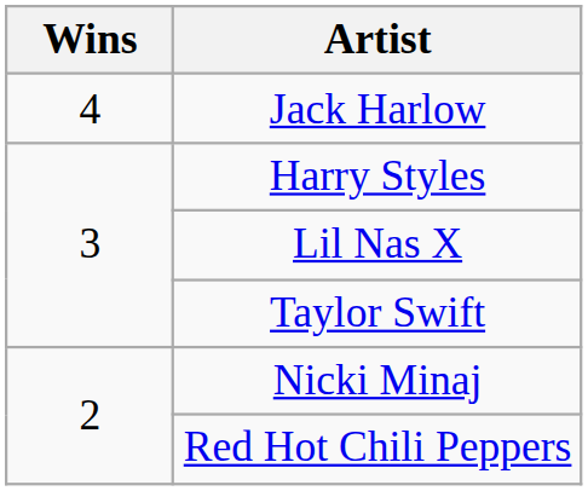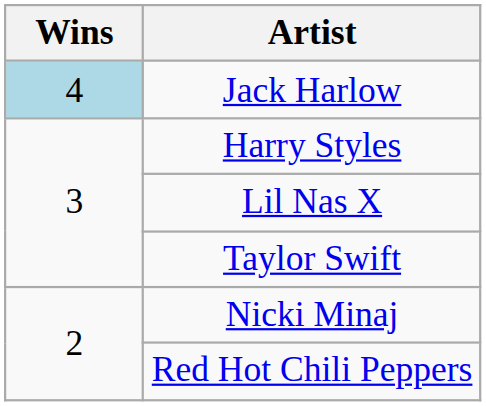 <table class="wikitable" rowspan="2" style="text-align:center">
 <tr>
 <th scope="col" style="width:55px;">Wins</th>
 <th scope="col" style="text-align:center;">Artist</th>
 </tr>
 <tr>
-<td style="text-align:center">4</td>
+<td style="background: lightblue; text-align:center">4</td>
 <td><a href='#'>Jack Harlow</a></td>
 </tr>
 <tr>
 <td rowspan="3" style="text-align:center">3</td>
 <td><a href='#'>Harry Styles</a></td>
 </tr>
 <tr>
 <td><a href='#'>Lil Nas X</a></td>
 </tr>
 <tr>
 <td><a href='#'>Taylor Swift</a></td>
 </tr>
 <tr>
 <td rowspan="2" style="text-align:center">2</td>
 <td><a href='#'>Nicki Minaj</a></td>
 </tr>
 <tr>
 <td><a href='#'>Red Hot Chili Peppers</a></td>
 </tr>
 </table>
